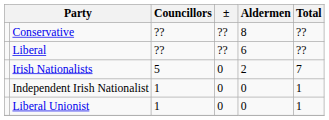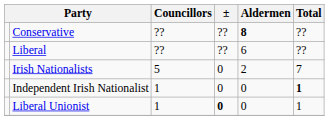 <table class="wikitable">
 <tr>
 <th colspan="2">Party</th>
 <th>Councillors</th>
 <th>  ±  </th>
 <th>Aldermen</th>
 <th>Total</th>
 </tr>
 <tr>
 <td style="background-color: "></td>
 <td><a href='#'>Conservative</a></td>
 <td>??</td>
 <td>??</td>
-<td>8</td>
+<td><strong>8</strong></td>
 <td>??</td>
 </tr>
 <tr>
 <td style="background-color: "></td>
 <td><a href='#'>Liberal</a></td>
 <td>??</td>
 <td>??</td>
 <td>6</td>
 <td>??</td>
 </tr>
 <tr>
 <td style="background-color: "></td>
 <td><a href='#'>Irish Nationalists</a></td>
 <td>5</td>
 <td>0</td>
 <td>2</td>
 <td>7</td>
 </tr>
 <tr>
 <td style="background-color: "></td>
 <td>Independent Irish Nationalist</td>
 <td>1</td>
 <td>0</td>
 <td>0</td>
-<td>1</td>
+<td><strong>1</strong></td>
 </tr>
 <tr>
 <td style="background-color: "></td>
 <td><a href='#'>Liberal Unionist</a></td>
 <td>1</td>
-<td>0</td>
+<td><strong>0</strong></td>
 <td>0</td>
 <td>1</td>
 </tr>
 <tr>
 </tr>
 </table>
